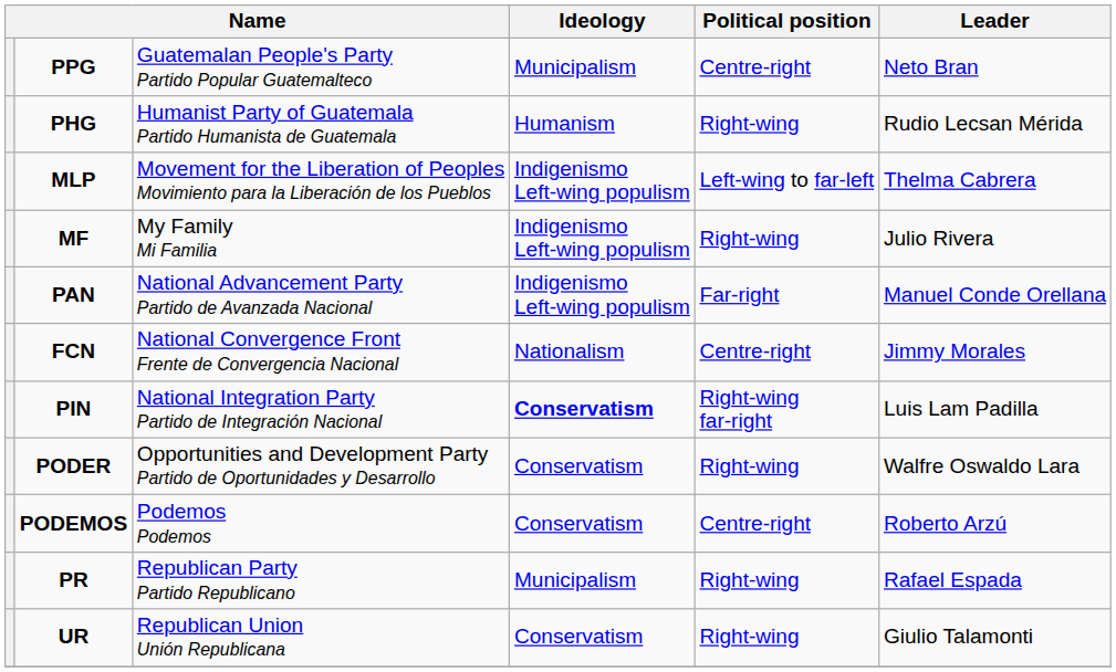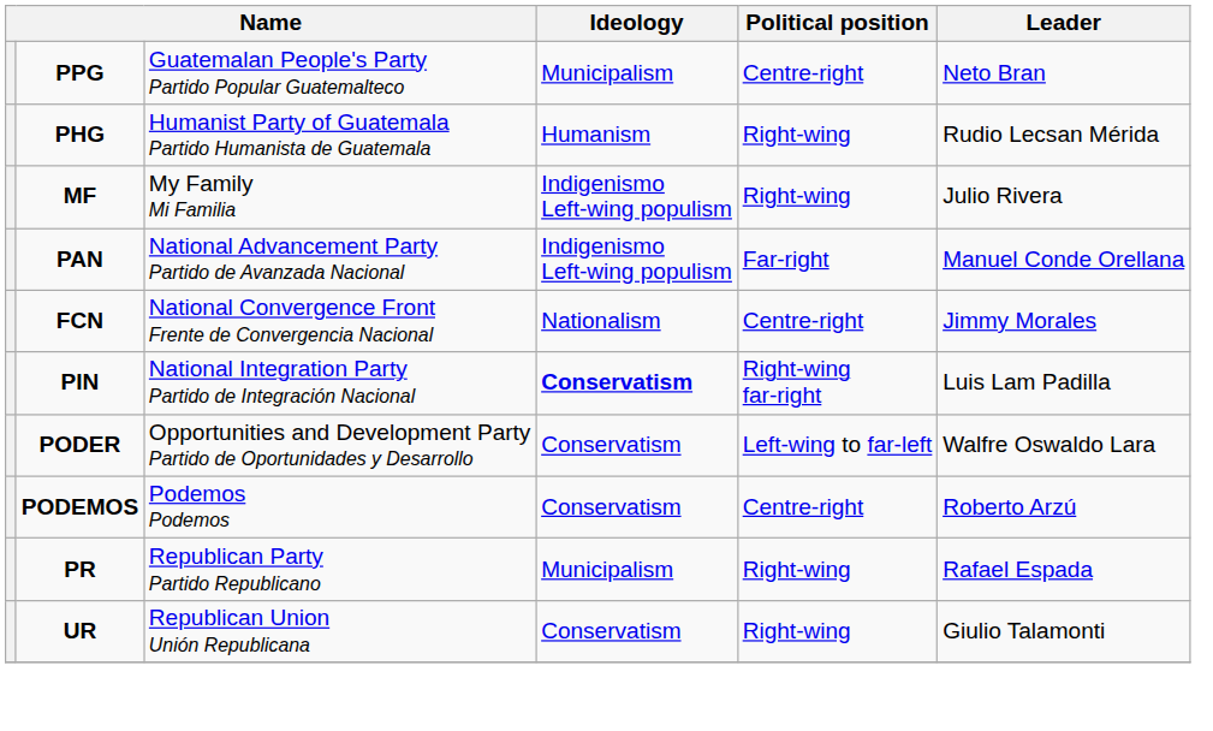 <table class="wikitable">
 <tr>
 <th colspan=3 width=225px>Name</th>
 <th>Ideology</th>
 <th>Political position</th>
 <th>Leader</th>
 </tr>
 <tr>
 <th style="background:"></th>
 <td align=center><strong>PPG</strong></td>
 <td><a href='#'>Guatemalan People's Party</a><br><small><em>Partido Popular Guatemalteco</em></small></td>
 <td><a href='#'>Municipalism</a></td>
 <td><a href='#'>Centre-right</a></td>
 <td><a href='#'>Neto Bran</a></td>
 </tr>
 <tr>
 <th style="background:"></th>
 <td align=center><strong>PHG</strong></td>
 <td><a href='#'>Humanist Party of Guatemala</a><br><small><em>Partido Humanista de Guatemala</em></small></td>
 <td><a href='#'>Humanism</a></td>
 <td><a href='#'>Right-wing</a></td>
 <td>Rudio Lecsan Mérida</td>
-</tr>
-<tr>
-<th style="background:"></th>
-<td align=center><strong>MLP</strong></td>
-<td><a href='#'>Movement for the Liberation of Peoples</a><br><small><em>Movimiento para la Liberación de los Pueblos</em></small></td>
-<td><a href='#'>Indigenismo</a><br><a href='#'>Left-wing populism</a></td>
-<td><a href='#'>Left-wing</a> to <a href='#'>far-left</a></td>
-<td><a href='#'>Thelma Cabrera</a></td>
 </tr>
 <tr>
 <th style="background:"></th>
 <td align=center><strong>MF</strong></td>
 <td>My Family<br><small><em>Mi Familia</em></small></td>
 <td><a href='#'>Indigenismo</a><br><a href='#'>Left-wing populism</a></td>
 <td><a href='#'>Right-wing</a></td>
 <td>Julio Rivera</td>
 </tr>
 <tr>
 <th style="background:"></th>
 <td align=center><strong>PAN</strong></td>
 <td><a href='#'>National Advancement Party</a><br><small><em>Partido de Avanzada Nacional</em></small></td>
 <td><a href='#'>Indigenismo</a><br><a href='#'>Left-wing populism</a></td>
 <td><a href='#'>Far-right</a></td>
 <td><a href='#'>Manuel Conde Orellana</a></td>
 </tr>
 <tr>
 <th style="background:"></th>
 <td align=center><strong>FCN</strong></td>
 <td><a href='#'>National Convergence Front</a><br><small><em>Frente de Convergencia Nacional</em></small></td>
 <td><a href='#'>Nationalism</a></td>
 <td><a href='#'>Centre-right</a></td>
 <td><a href='#'>Jimmy Morales</a></td>
 </tr>
 <tr>
 <th style="background:"></th>
 <td align=center><strong>PIN</strong></td>
 <td><a href='#'>National Integration Party</a><br><small><em>Partido de Integración Nacional</em></small></td>
 <td><strong><a href='#'>Conservatism</a></strong></td>
 <td><a href='#'>Right-wing</a><br><a href='#'>far-right</a></td>
 <td>Luis Lam Padilla</td>
 </tr>
 <tr>
 <th style="background:"></th>
 <td align=center><strong>PODER</strong></td>
 <td>Opportunities and Development Party<br><small><em>Partido de Oportunidades y Desarrollo</em></small></td>
 <td><a href='#'>Conservatism</a></td>
-<td><a href='#'>Right-wing</a></td>
+<td><a href='#'>Left-wing</a> to <a href='#'>far-left</a></td>
 <td>Walfre Oswaldo Lara</td>
 </tr>
 <tr>
 <th style="background:"></th>
 <td align=center><strong>PODEMOS</strong></td>
 <td><a href='#'>Podemos</a><br><small><em>Podemos</em></small></td>
 <td><a href='#'>Conservatism</a></td>
 <td><a href='#'>Centre-right</a></td>
 <td><a href='#'>Roberto Arzú</a></td>
 </tr>
 <tr>
 <th style="background:"></th>
 <td align=center><strong>PR</strong></td>
 <td><a href='#'>Republican Party</a><br><small><em>Partido Republicano</em></small></td>
 <td><a href='#'>Municipalism</a></td>
 <td><a href='#'>Right-wing</a></td>
 <td><a href='#'>Rafael Espada</a></td>
 </tr>
 <tr>
 <th style="background:"></th>
 <td align=center><strong>UR</strong></td>
 <td><a href='#'>Republican Union</a><br><small><em>Unión Republicana</em></small></td>
 <td><a href='#'>Conservatism</a></td>
 <td><a href='#'>Right-wing</a></td>
 <td>Giulio Talamonti</td>
 </tr>
 <tr>
 </tr>
 </table>
